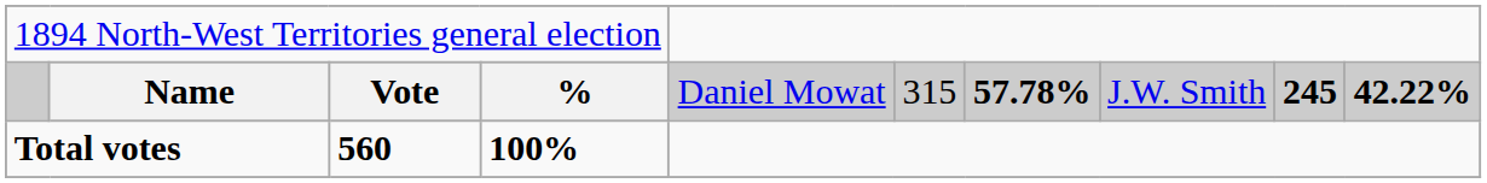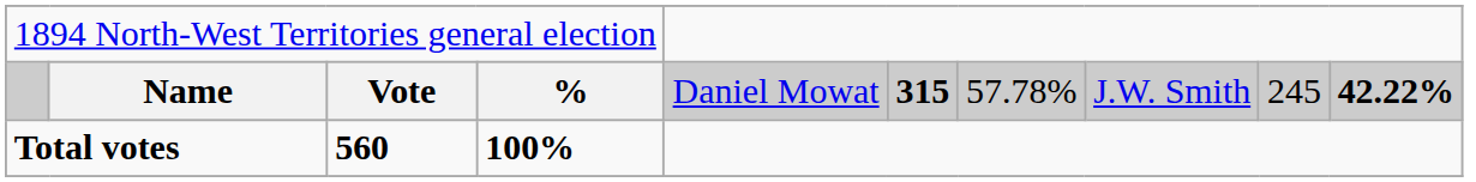 <table class="wikitable">
 <tr>
 <td colspan=4 align=center><a href='#'>1894 North-West Territories general election</a></td>
 </tr>
 <tr bgcolor="CCCCCC">
 <td></td>
 <th>Name</th>
 <th>Vote</th>
 <th>%<br></th>
 <td><a href='#'>Daniel Mowat</a></td>
-<td>315</td>
-<td><strong>57.78%<br></strong></td>
+<td><strong>315</strong></td>
+<td>57.78%<br></td>
 <td><a href='#'>J.W. Smith</a></td>
-<td><strong>245</strong></td>
+<td>245</td>
 <td><strong>42.22%</strong></td>
 </tr>
 <tr>
 <td colspan=2><strong>Total votes</strong></td>
 <td><strong>560</strong></td>
 <td alignment="left"><strong>100%</strong></td>
 </tr>
 </table>
